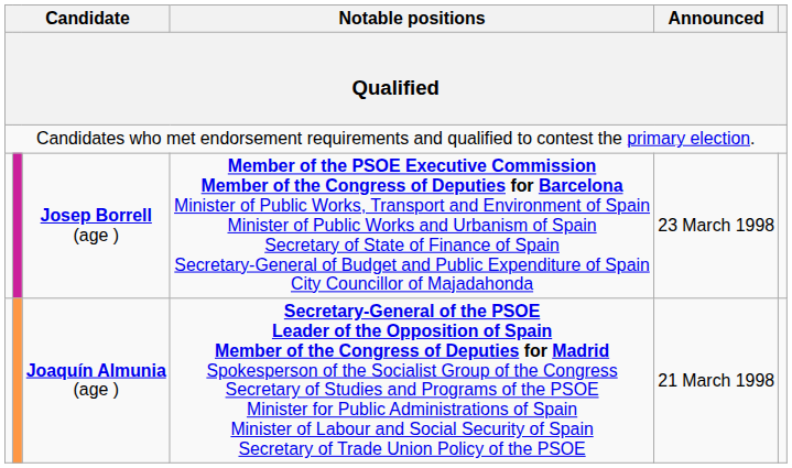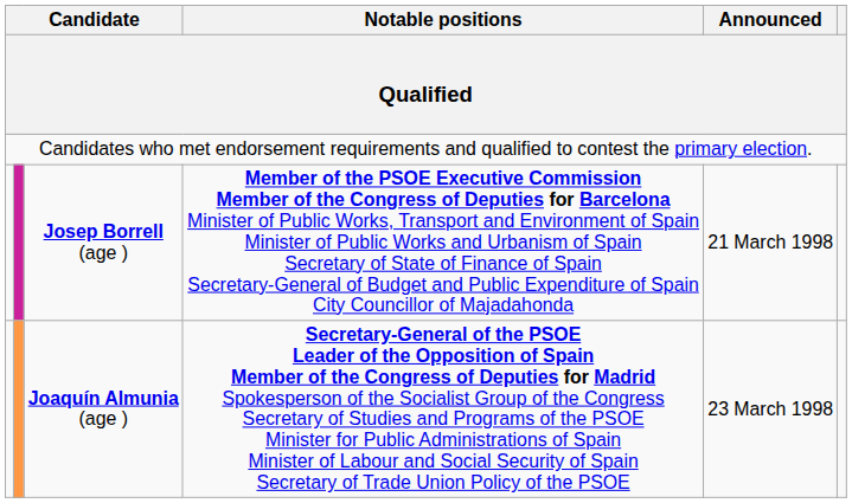 <table class="wikitable" style="text-align:center;">
 <tr>
 <th colspan="3">Candidate</th>
 <th>Notable positions</th>
 <th>Announced</th>
 <th></th>
 </tr>
 <tr>
 <th colspan="6"><br><h3>Qualified</h3></th>
 </tr>
 <tr>
 <td colspan="6">Candidates who met endorsement requirements and qualified to contest the <a href='#'>primary election</a>.</td>
 </tr>
 <tr>
 <td></td>
 <td width="1px" style="color:inherit;background:#CB1F9B"></td>
 <td><strong><a href='#'>Josep Borrell</a></strong><br>(age )</td>
 <td><strong><a href='#'>Member of the PSOE Executive Commission</a> <br><a href='#'>Member of the Congress of Deputies</a> for <a href='#'>Barcelona</a> </strong><br><a href='#'>Minister of Public Works, Transport and Environment of Spain</a> <br><a href='#'>Minister of Public Works and Urbanism of Spain</a> <br><a href='#'>Secretary of State of Finance of Spain</a> <br><a href='#'>Secretary-General of Budget and Public Expenditure of Spain</a> <br><a href='#'>City Councillor of Majadahonda</a> </td>
-<td>23 March 1998</td>
+<td>21 March 1998</td>
 <td></td>
 </tr>
 <tr>
 <td></td>
 <td style="color:inherit;background:#FF9744"></td>
 <td><strong><a href='#'>Joaquín Almunia</a></strong><br>(age )</td>
 <td><strong><a href='#'>Secretary-General of the PSOE</a> <br><a href='#'>Leader of the Opposition of Spain</a> <br><a href='#'>Member of the Congress of Deputies</a> for <a href='#'>Madrid</a> </strong><br><a href='#'>Spokesperson of the Socialist Group of the Congress</a> <br><a href='#'>Secretary of Studies and Programs of the PSOE</a> <br><a href='#'>Minister for Public Administrations of Spain</a> <br><a href='#'>Minister of Labour and Social Security of Spain</a> <br><a href='#'>Secretary of Trade Union Policy of the PSOE</a> </td>
-<td>21 March 1998</td>
+<td>23 March 1998</td>
 <td></td>
 </tr>
 </table>
